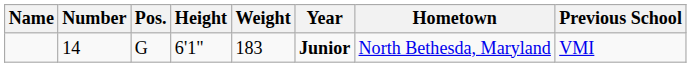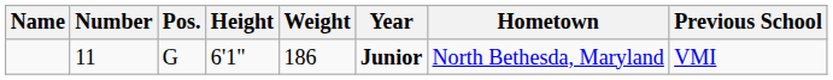 <table class="wikitable sortable">
 <tr>
 <th>Name</th>
 <th>Number</th>
 <th>Pos.</th>
 <th>Height</th>
 <th>Weight</th>
 <th>Year</th>
 <th>Hometown</th>
 <th class="unsortable">Previous School</th>
 </tr>
 <tr>
 <td></td>
-<td>14</td>
+<td>11</td>
 <td>G</td>
 <td>6'1"</td>
-<td>183</td>
+<td>186</td>
 <td><strong>Junior</strong></td>
 <td><a href='#'>North Bethesda, Maryland</a></td>
 <td><a href='#'>VMI</a></td>
 </tr>
 </table>
